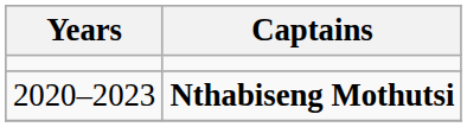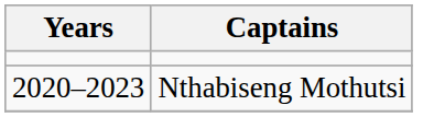 <table class="wikitable collapsible">
 <tr>
 <th>Years</th>
 <th>Captains</th>
 </tr>
 <tr>
 <td></td>
 </tr>
 <tr>
 <td>2020–2023</td>
-<td><strong>Nthabiseng Mothutsi</strong></td>
+<td>Nthabiseng Mothutsi</td>
 </tr>
 <tr>
 </tr>
 </table>
